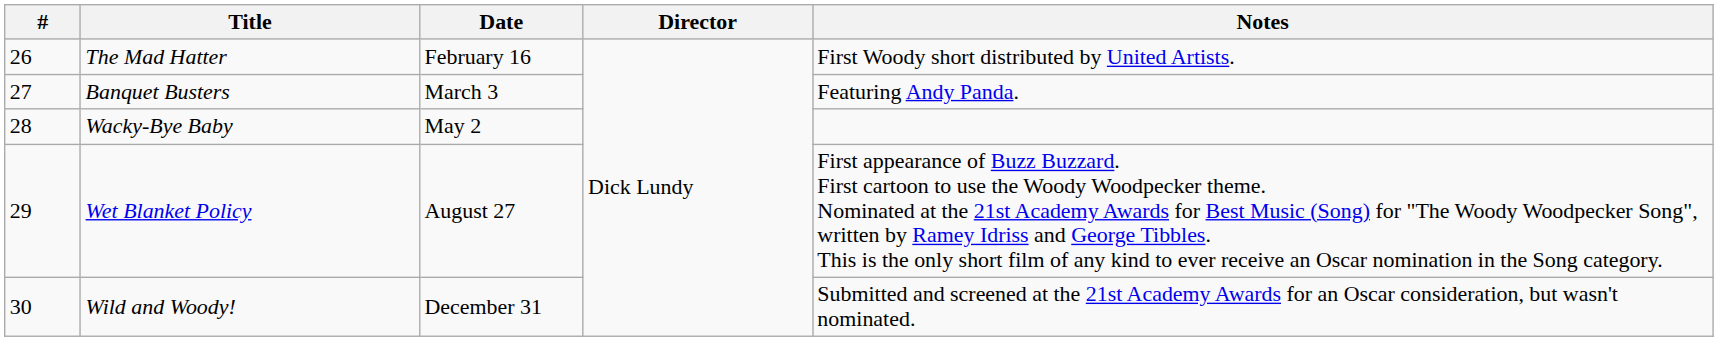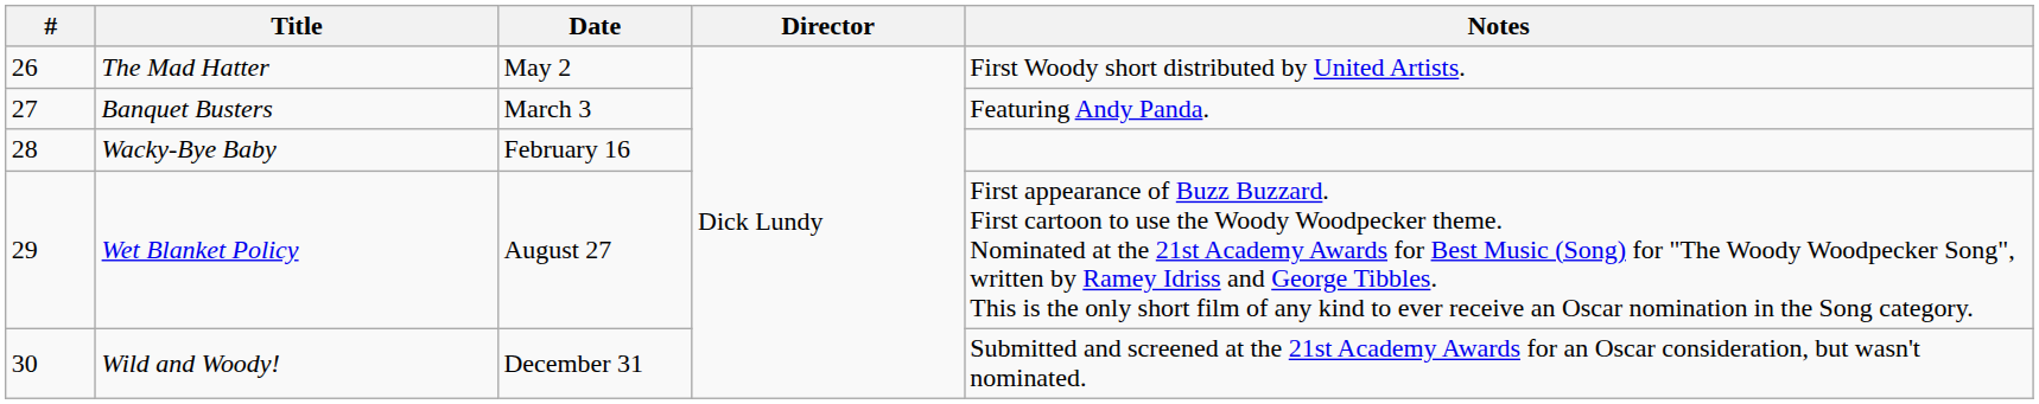 <table class="wikitable">
 <tr>
 <th style="width:3em">#</th>
 <th style="width:15em">Title</th>
 <th style="width:7em">Date</th>
 <th style="width:10em">Director</th>
 <th>Notes</th>
 </tr>
 <tr>
 <td>26</td>
 <td><em>The Mad Hatter</em></td>
-<td>February 16</td>
+<td>May 2</td>
 <td rowspan="5">Dick Lundy</td>
 <td>First Woody short distributed by <a href='#'>United Artists</a>.</td>
 </tr>
 <tr>
 <td>27</td>
 <td><em>Banquet Busters</em></td>
 <td>March 3</td>
 <td>Featuring <a href='#'>Andy Panda</a>.</td>
 </tr>
 <tr>
 <td>28</td>
 <td><em>Wacky-Bye Baby</em></td>
-<td>May 2</td>
+<td>February 16</td>
 <td></td>
 </tr>
 <tr>
 <td>29</td>
 <td><em><a href='#'>Wet Blanket Policy</a></em> </td>
 <td>August 27</td>
 <td>First appearance of <a href='#'>Buzz Buzzard</a>.<br>First cartoon to use the Woody Woodpecker theme.<br>Nominated at the <a href='#'>21st Academy Awards</a> for <a href='#'>Best Music (Song)</a> for "The Woody Woodpecker Song", written by <a href='#'>Ramey Idriss</a> and <a href='#'>George Tibbles</a>.<br>This is the only short film of any kind to ever receive an Oscar nomination in the Song category.</td>
 </tr>
 <tr>
 <td>30</td>
 <td><em>Wild and Woody!</em></td>
 <td>December 31</td>
 <td>Submitted and screened at the <a href='#'>21st Academy Awards</a> for an Oscar consideration, but wasn't nominated.</td>
 </tr>
 </table>
